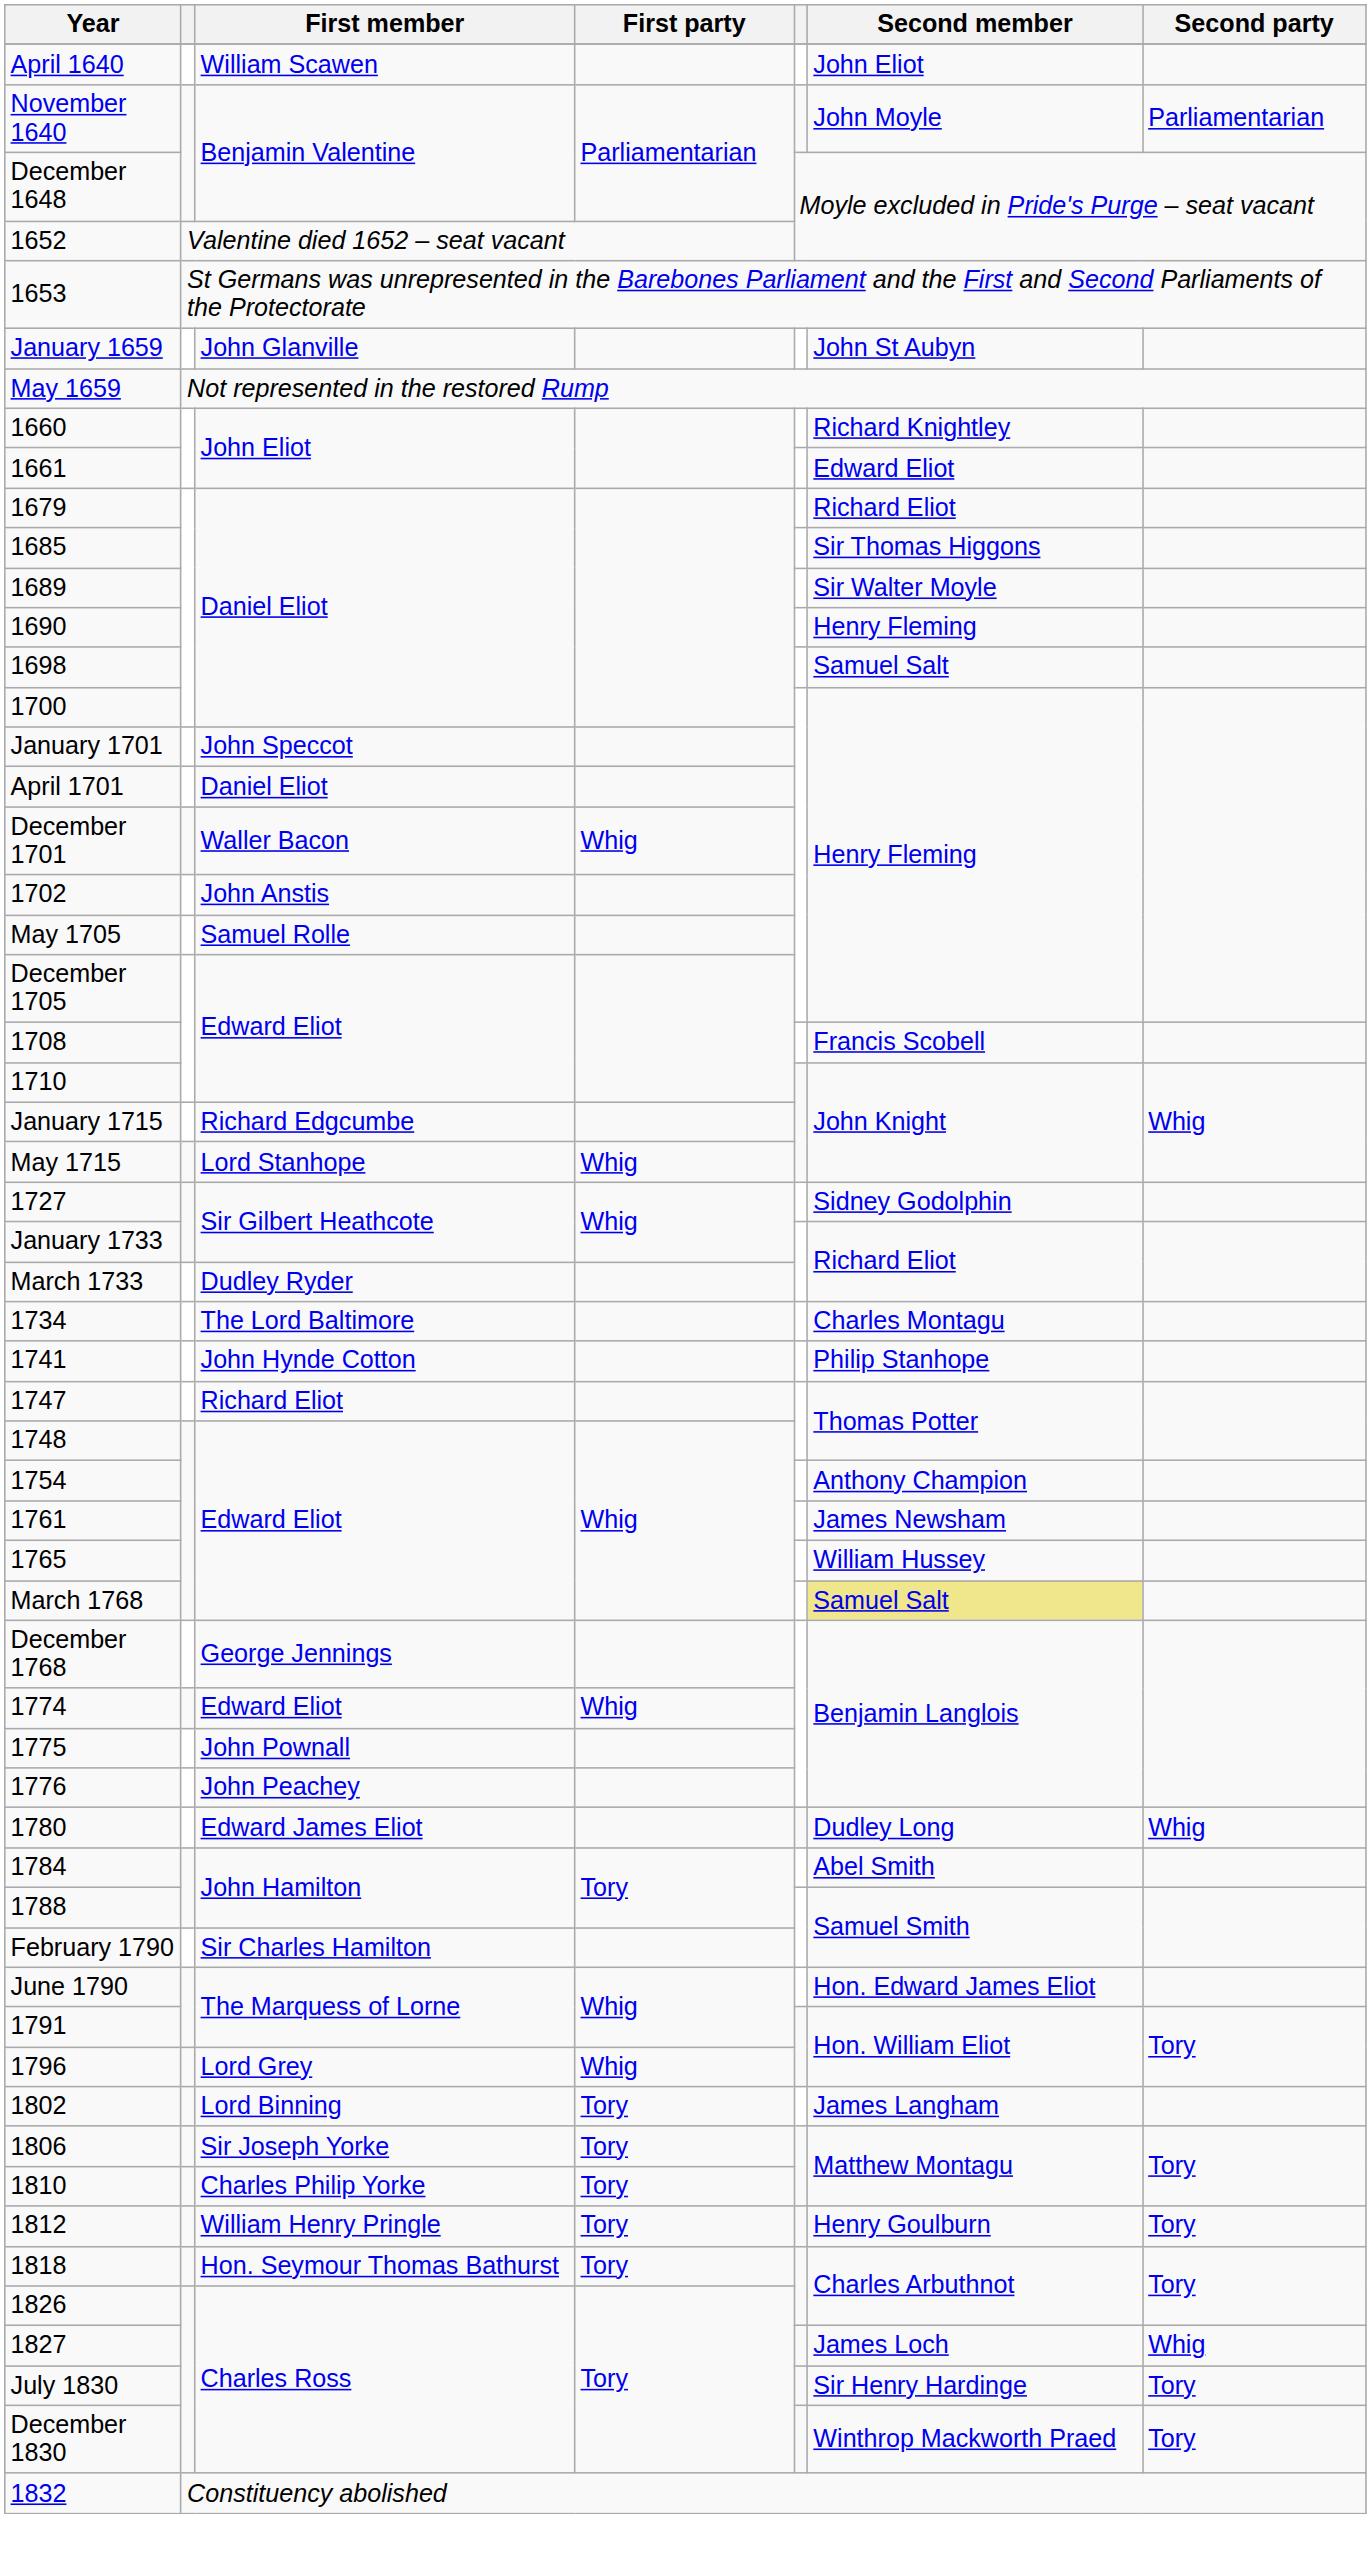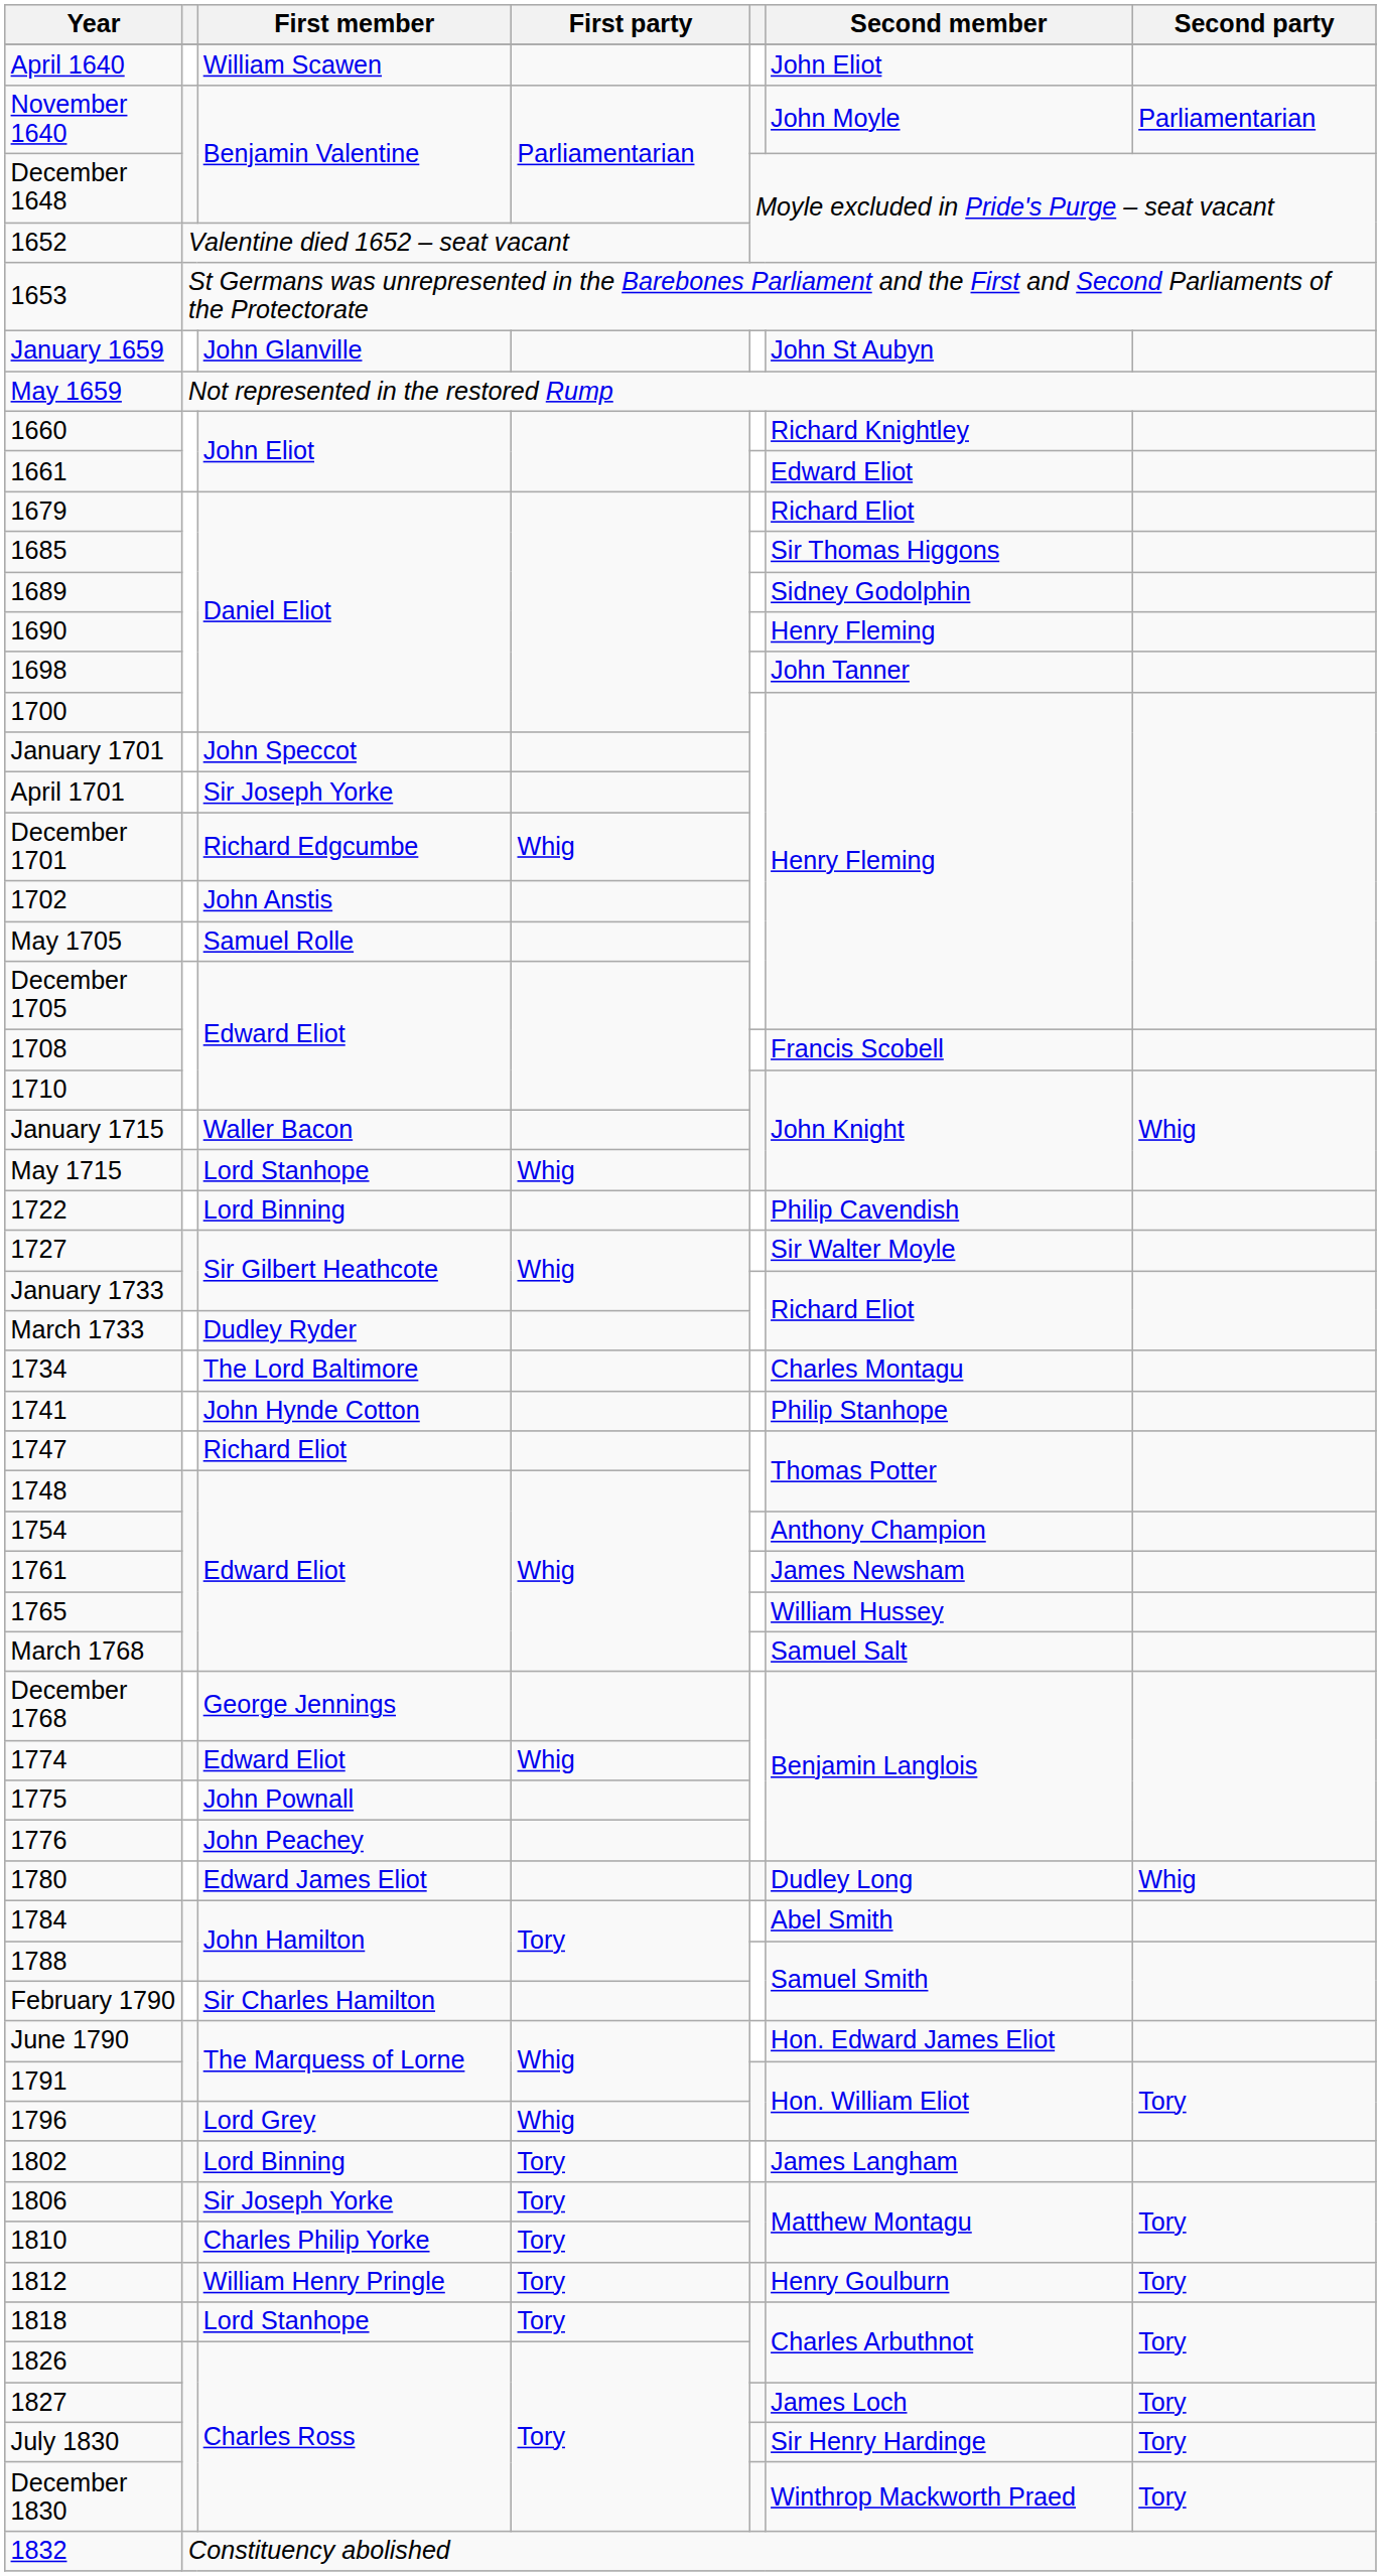 <table class="wikitable">
 <tr>
 <th>Year</th>
 <th></th>
 <th>First member</th>
 <th>First party</th>
 <th></th>
 <th>Second member</th>
 <th>Second party</th>
 </tr>
 <tr>
 </tr>
 <tr>
 <td><a href='#'>April 1640</a></td>
 <td style="color:inherit;background-color: white"></td>
 <td><a href='#'>William Scawen</a></td>
 <td></td>
 <td style="color:inherit;background-color: white"></td>
 <td><a href='#'>John Eliot</a></td>
 <td></td>
 </tr>
 <tr>
 <td><a href='#'>November 1640</a></td>
 <td rowspan="2" style="color:inherit;background-color: "></td>
 <td rowspan="2"><a href='#'>Benjamin Valentine</a></td>
 <td rowspan="2"><a href='#'>Parliamentarian</a></td>
 <td style="color:inherit;background-color: "></td>
 <td><a href='#'>John Moyle</a></td>
 <td><a href='#'>Parliamentarian</a></td>
 </tr>
 <tr>
 <td>December 1648</td>
 <td rowspan="2" colspan="3"><em>Moyle excluded in <a href='#'>Pride's Purge</a> – seat vacant</em></td>
 </tr>
 <tr>
 <td>1652</td>
 <td colspan="3"><em>Valentine died 1652 – seat vacant</em></td>
 </tr>
 <tr>
 <td>1653</td>
 <td colspan="6"><em>St Germans was unrepresented in the <a href='#'>Barebones Parliament</a> and the <a href='#'>First</a> and <a href='#'>Second</a> Parliaments of the Protectorate</em></td>
 </tr>
 <tr>
 <td><a href='#'>January 1659</a></td>
 <td style="color:inherit;background-color: white"></td>
 <td><a href='#'>John Glanville</a></td>
 <td></td>
 <td style="color:inherit;background-color: white"></td>
 <td><a href='#'>John St Aubyn</a></td>
 <td></td>
 </tr>
 <tr>
 <td><a href='#'>May 1659</a></td>
 <td colspan="6"><em>Not represented in the restored <a href='#'>Rump</a></em></td>
 </tr>
 <tr>
 <td>1660</td>
 <td rowspan="2" style="color:inherit;background-color: white"></td>
 <td rowspan="2"><a href='#'>John Eliot</a></td>
 <td rowspan="2"></td>
 <td style="color:inherit;background-color: white"></td>
 <td><a href='#'>Richard Knightley</a></td>
 <td></td>
 </tr>
 <tr>
 <td>1661</td>
 <td style="color:inherit;background-color: white"></td>
 <td><a href='#'>Edward Eliot</a></td>
 <td></td>
 </tr>
 <tr>
 <td>1679</td>
 <td rowspan="6" style="color:inherit;background-color: white"></td>
 <td rowspan="6"><a href='#'>Daniel Eliot</a></td>
 <td rowspan="6"></td>
 <td style="color:inherit;background-color: white"></td>
 <td><a href='#'>Richard Eliot</a></td>
 <td></td>
 </tr>
 <tr>
 <td>1685</td>
 <td style="color:inherit;background-color: white"></td>
 <td><a href='#'>Sir Thomas Higgons</a></td>
 <td></td>
 </tr>
 <tr>
 <td>1689</td>
 <td style="color:inherit;background-color: white"></td>
-<td><a href='#'>Sir Walter Moyle</a></td>
+<td><a href='#'>Sidney Godolphin</a></td>
 <td></td>
 </tr>
 <tr>
 <td>1690</td>
 <td style="color:inherit;background-color: white"></td>
 <td><a href='#'>Henry Fleming</a></td>
 <td></td>
 </tr>
 <tr>
 <td>1698</td>
 <td style="color:inherit;background-color: white"></td>
-<td><a href='#'>Samuel Salt</a></td>
+<td><a href='#'>John Tanner</a></td>
 <td></td>
 </tr>
 <tr>
 <td>1700</td>
 <td rowspan="7" style="color:inherit;background-color: white"></td>
 <td rowspan="7"><a href='#'>Henry Fleming</a></td>
 <td rowspan="7"></td>
 </tr>
 <tr>
 <td>January 1701</td>
 <td style="color:inherit;background-color: white"></td>
 <td><a href='#'>John Speccot</a></td>
 <td></td>
 </tr>
 <tr>
 <td>April 1701</td>
 <td style="color:inherit;background-color: white"></td>
-<td><a href='#'>Daniel Eliot</a></td>
+<td><a href='#'>Sir Joseph Yorke</a></td>
 <td></td>
 </tr>
 <tr>
 <td>December 1701</td>
 <td style="color:inherit;background-color: "></td>
-<td><a href='#'>Waller Bacon</a></td>
+<td><a href='#'>Richard Edgcumbe</a></td>
 <td><a href='#'>Whig</a></td>
 </tr>
 <tr>
 <td>1702</td>
 <td style="color:inherit;background-color: white"></td>
 <td><a href='#'>John Anstis</a></td>
 <td></td>
 </tr>
 <tr>
 <td>May 1705</td>
 <td style="color:inherit;background-color: white"></td>
 <td><a href='#'>Samuel Rolle</a></td>
 <td></td>
 </tr>
 <tr>
 <td>December 1705</td>
 <td rowspan="3" style="color:inherit;background-color: white"></td>
 <td rowspan="3"><a href='#'>Edward Eliot</a></td>
 <td rowspan="3"></td>
 </tr>
 <tr>
 <td>1708</td>
 <td style="color:inherit;background-color: white"></td>
 <td><a href='#'>Francis Scobell</a></td>
 <td></td>
 </tr>
 <tr>
 <td>1710</td>
 <td rowspan="3" style="color:inherit;background-color: "></td>
 <td rowspan="3"><a href='#'>John Knight</a></td>
 <td rowspan="3"> <a href='#'>Whig</a></td>
 </tr>
 <tr>
 <td>January 1715</td>
 <td style="color:inherit;background-color: white"></td>
-<td><a href='#'>Richard Edgcumbe</a></td>
+<td><a href='#'>Waller Bacon</a></td>
 <td></td>
 </tr>
 <tr>
 <td>May 1715</td>
 <td style="color:inherit;background-color: "></td>
 <td><a href='#'>Lord Stanhope</a></td>
 <td><a href='#'>Whig</a></td>
 </tr>
 <tr>
+<td>1722</td>
+<td style="color:inherit;background-color: white"></td>
+<td><a href='#'>Lord Binning</a></td>
+<td></td>
+<td style="color:inherit;background-color: white"></td>
+<td><a href='#'>Philip Cavendish</a></td>
+<td></td>
+</tr>
+<tr>
 <td>1727</td>
 <td rowspan="2" style="color:inherit;background-color: "></td>
 <td rowspan="2"><a href='#'>Sir Gilbert Heathcote</a></td>
 <td rowspan="2"><a href='#'>Whig</a></td>
 <td style="color:inherit;background-color: white"></td>
-<td><a href='#'>Sidney Godolphin</a></td>
+<td><a href='#'>Sir Walter Moyle</a></td>
 <td></td>
 </tr>
 <tr>
 <td>January 1733</td>
 <td rowspan="2" style="color:inherit;background-color: white"></td>
 <td rowspan="2"><a href='#'>Richard Eliot</a></td>
 <td rowspan="2"></td>
 </tr>
 <tr>
 <td>March 1733</td>
 <td style="color:inherit;background-color: white"></td>
 <td><a href='#'>Dudley Ryder</a></td>
 <td></td>
 </tr>
 <tr>
 <td>1734</td>
 <td style="color:inherit;background-color: white"></td>
 <td><a href='#'>The Lord Baltimore</a></td>
 <td></td>
 <td style="color:inherit;background-color: white"></td>
 <td><a href='#'>Charles Montagu</a></td>
 <td></td>
 </tr>
 <tr>
 <td>1741</td>
 <td style="color:inherit;background-color: white"></td>
 <td><a href='#'>John Hynde Cotton</a></td>
 <td></td>
 <td style="color:inherit;background-color: white"></td>
 <td><a href='#'>Philip Stanhope</a></td>
 <td></td>
 </tr>
 <tr>
 <td>1747</td>
 <td style="color:inherit;background-color: white"></td>
 <td><a href='#'>Richard Eliot</a></td>
 <td></td>
 <td rowspan="2" style="color:inherit;background-color: white"></td>
 <td rowspan="2"><a href='#'>Thomas Potter</a></td>
 <td rowspan="2"></td>
 </tr>
 <tr>
 <td>1748</td>
 <td rowspan="5" style="color:inherit;background-color: "></td>
 <td rowspan="5"><a href='#'>Edward Eliot</a></td>
 <td rowspan="5"><a href='#'>Whig</a></td>
 </tr>
 <tr>
 <td>1754</td>
 <td style="color:inherit;background-color: white"></td>
 <td><a href='#'>Anthony Champion</a></td>
 <td></td>
 </tr>
 <tr>
 <td>1761</td>
 <td style="color:inherit;background-color: white"></td>
 <td><a href='#'>James Newsham</a></td>
 <td></td>
 </tr>
 <tr>
 <td>1765</td>
 <td style="color:inherit;background-color: white"></td>
 <td><a href='#'>William Hussey</a></td>
 <td></td>
 </tr>
 <tr>
 <td>March 1768</td>
 <td style="color:inherit;background-color: white"></td>
-<td style="background: khaki;"><a href='#'>Samuel Salt</a></td>
+<td><a href='#'>Samuel Salt</a></td>
 <td></td>
 </tr>
 <tr>
 <td>December 1768</td>
 <td style="color:inherit;background-color: white"></td>
 <td><a href='#'>George Jennings</a></td>
 <td></td>
 <td rowspan="4" style="color:inherit;background-color: white"></td>
 <td rowspan="4"><a href='#'>Benjamin Langlois</a></td>
 <td rowspan="4"></td>
 </tr>
 <tr>
 <td>1774</td>
 <td style="color:inherit;background-color: "></td>
 <td><a href='#'>Edward Eliot</a></td>
 <td><a href='#'>Whig</a></td>
 </tr>
 <tr>
 <td>1775</td>
 <td style="color:inherit;background-color: white"></td>
 <td><a href='#'>John Pownall</a></td>
 <td></td>
 </tr>
 <tr>
 <td>1776</td>
 <td style="color:inherit;background-color: white"></td>
 <td><a href='#'>John Peachey</a></td>
 <td></td>
 </tr>
 <tr>
 <td>1780</td>
 <td style="color:inherit;background-color: white"></td>
 <td><a href='#'>Edward James Eliot</a></td>
 <td></td>
 <td style="color:inherit;background-color: "></td>
 <td><a href='#'>Dudley Long</a></td>
 <td><a href='#'>Whig</a></td>
 </tr>
 <tr>
 <td>1784</td>
 <td rowspan="2" style="color:inherit;background-color: "></td>
 <td rowspan="2"><a href='#'>John Hamilton</a></td>
 <td rowspan="2"><a href='#'>Tory</a></td>
 <td style="color:inherit;background-color: white"></td>
 <td><a href='#'>Abel Smith</a></td>
 <td></td>
 </tr>
 <tr>
 <td>1788</td>
 <td rowspan="2" style="color:inherit;background-color: white"></td>
 <td rowspan="2"><a href='#'>Samuel Smith</a></td>
 <td rowspan="2"></td>
 </tr>
 <tr>
 <td>February 1790</td>
 <td style="color:inherit;background-color: white"></td>
 <td><a href='#'>Sir Charles Hamilton</a></td>
 <td></td>
 </tr>
 <tr>
 <td>June 1790</td>
 <td rowspan="2" style="color:inherit;background-color: "></td>
 <td rowspan="2"><a href='#'>The Marquess of Lorne</a></td>
 <td rowspan="2"><a href='#'>Whig</a></td>
 <td style="color:inherit;background-color: white"></td>
 <td><a href='#'>Hon. Edward James Eliot</a></td>
 <td></td>
 </tr>
 <tr>
 <td>1791</td>
 <td rowspan="2" style="color:inherit;background-color: "></td>
 <td rowspan="2"><a href='#'>Hon. William Eliot</a></td>
 <td rowspan="2"><a href='#'>Tory</a></td>
 </tr>
 <tr>
 <td>1796</td>
 <td style="color:inherit;background-color: "></td>
 <td><a href='#'>Lord Grey</a></td>
 <td><a href='#'>Whig</a></td>
 </tr>
 <tr>
 <td>1802</td>
 <td style="color:inherit;background-color: "></td>
 <td><a href='#'>Lord Binning</a></td>
 <td><a href='#'>Tory</a></td>
 <td style="color:inherit;background-color: white"></td>
 <td><a href='#'>James Langham</a></td>
 <td></td>
 </tr>
 <tr>
 <td>1806</td>
 <td style="color:inherit;background-color: "></td>
 <td><a href='#'>Sir Joseph Yorke</a></td>
 <td><a href='#'>Tory</a></td>
 <td rowspan="2" style="color:inherit;background-color: "></td>
 <td rowspan="2"><a href='#'>Matthew Montagu</a></td>
 <td rowspan="2"><a href='#'>Tory</a></td>
 </tr>
 <tr>
 <td>1810</td>
 <td style="color:inherit;background-color: "></td>
 <td><a href='#'>Charles Philip Yorke</a></td>
 <td><a href='#'>Tory</a></td>
 </tr>
 <tr>
 <td>1812</td>
 <td style="color:inherit;background-color: "></td>
 <td><a href='#'>William Henry Pringle</a></td>
 <td><a href='#'>Tory</a></td>
 <td style="color:inherit;background-color: "></td>
 <td><a href='#'>Henry Goulburn</a></td>
 <td><a href='#'>Tory</a></td>
 </tr>
 <tr>
 <td>1818</td>
 <td style="color:inherit;background-color: "></td>
-<td><a href='#'>Hon. Seymour Thomas Bathurst</a></td>
+<td><a href='#'>Lord Stanhope</a></td>
 <td><a href='#'>Tory</a></td>
 <td rowspan="2" style="color:inherit;background-color: "></td>
 <td rowspan="2"><a href='#'>Charles Arbuthnot</a></td>
 <td rowspan="2"><a href='#'>Tory</a></td>
 </tr>
 <tr>
 <td>1826</td>
 <td rowspan="4" style="color:inherit;background-color: "></td>
 <td rowspan="4"><a href='#'>Charles Ross</a></td>
 <td rowspan="4"><a href='#'>Tory</a></td>
 </tr>
 <tr>
 <td>1827</td>
 <td style="color:inherit;background-color: "></td>
 <td><a href='#'>James Loch</a></td>
-<td><a href='#'>Whig</a></td>
+<td><a href='#'>Tory</a></td>
 </tr>
 <tr>
 <td>July 1830</td>
 <td style="color:inherit;background-color: "></td>
 <td><a href='#'>Sir Henry Hardinge</a></td>
 <td><a href='#'>Tory</a></td>
 </tr>
 <tr>
 <td>December 1830</td>
 <td style="color:inherit;background-color: "></td>
 <td><a href='#'>Winthrop Mackworth Praed</a></td>
 <td><a href='#'>Tory</a></td>
 </tr>
 <tr>
 <td><a href='#'>1832</a></td>
 <td colspan="6"><em>Constituency abolished</em></td>
 </tr>
 </table>
